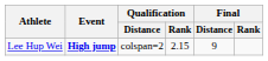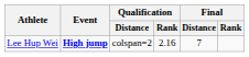 <table class="wikitable" style="font-size:90%">
 <tr>
 <th rowspan="2">Athlete</th>
 <th rowspan="2">Event</th>
 <th colspan="2">Qualification</th>
 <th colspan="2">Final</th>
 </tr>
 <tr style="font-size:95%">
 <th>Distance</th>
 <th>Rank</th>
 <th>Distance</th>
 <th>Rank</th>
 </tr>
 <tr align=center>
 <td align=left><a href='#'>Lee Hup Wei</a></td>
 <td align=left><strong><a href='#'>High jump</a></strong></td>
 <td>colspan=2 </td>
-<td>2.15</td>
-<td>9</td>
+<td>2.16</td>
+<td>7</td>
 </tr>
 </table>
